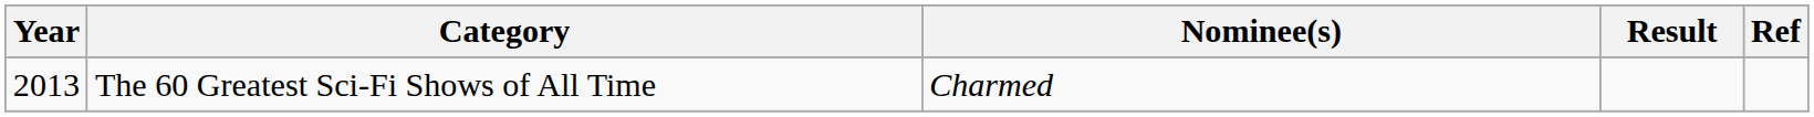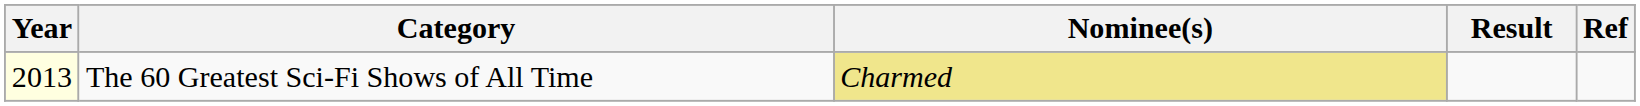 <table class="wikitable">
 <tr>
 <th>Year</th>
 <th width=470>Category</th>
 <th width="375">Nominee(s)</th>
 <th width="65">Result</th>
 <th>Ref</th>
 </tr>
 <tr>
-<td>2013</td>
+<td style="background: lightyellow;">2013</td>
 <td>The 60 Greatest Sci-Fi Shows of All Time</td>
-<td><em>Charmed</em></td>
+<td style="background: khaki;"><em>Charmed</em></td>
 <td></td>
 <td></td>
 </tr>
 </table>
